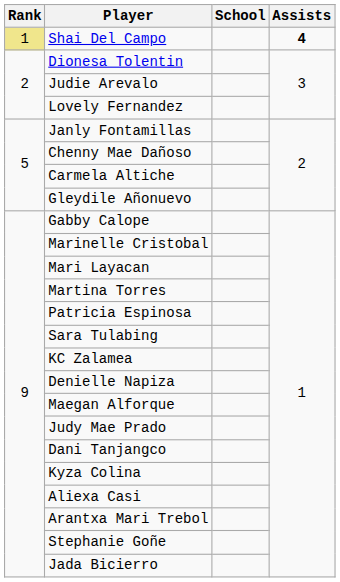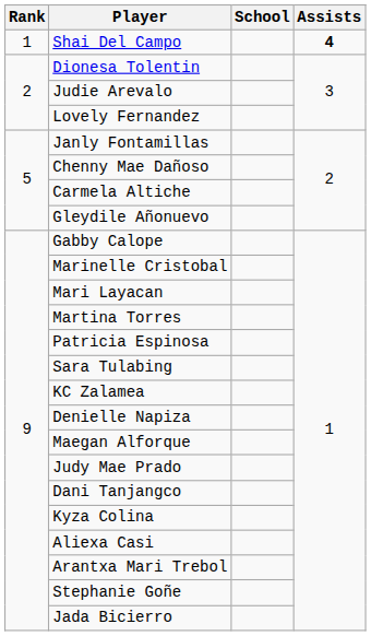 <table class="wikitable" style="text-align:center">
 <tr>
 <th>Rank</th>
 <th>Player</th>
 <th>School</th>
 <th>Assists</th>
 </tr>
 <tr>
-<td style="background: khaki;">1</td>
+<td>1</td>
 <td align="left"> <a href='#'>Shai Del Campo</a></td>
 <td align="left"></td>
 <td><strong>4</strong></td>
 </tr>
 <tr>
 <td rowspan=3>2</td>
 <td align="left"> <a href='#'>Dionesa Tolentin</a></td>
 <td align="left"></td>
 <td rowspan=3>3</td>
 </tr>
 <tr>
 <td align="left"> Judie Arevalo</td>
 <td align="left"></td>
 </tr>
 <tr>
 <td align=left> Lovely Fernandez</td>
 <td align=left></td>
 </tr>
 <tr>
 <td rowspan=4>5</td>
 <td align="left"> Janly Fontamillas</td>
 <td align="left"></td>
 <td rowspan=4>2</td>
 </tr>
 <tr>
 <td align="left"> Chenny Mae Dañoso</td>
 <td align="left"></td>
 </tr>
 <tr>
 <td align=left> Carmela Altiche</td>
 <td align="left"></td>
 </tr>
 <tr>
 <td align=left> Gleydile Añonuevo</td>
 <td align=left></td>
 </tr>
 <tr>
 <td rowspan=16>9</td>
 <td align="left"> Gabby Calope</td>
 <td align="left"></td>
 <td rowspan=16>1</td>
 </tr>
 <tr>
 <td align="left"> Marinelle Cristobal</td>
 <td align="left"></td>
 </tr>
 <tr>
 <td align="left"> Mari Layacan</td>
 <td align="left"></td>
 </tr>
 <tr>
 <td align="left"> Martina Torres</td>
 <td align="left"></td>
 </tr>
 <tr>
 <td align="left"> Patricia Espinosa</td>
 <td align="left"></td>
 </tr>
 <tr>
 <td align="left"> Sara Tulabing</td>
 <td align="left"></td>
 </tr>
 <tr>
 <td align="left"> KC Zalamea</td>
 <td align="left"></td>
 </tr>
 <tr>
 <td align="left"> Denielle Napiza</td>
 <td align="left"></td>
 </tr>
 <tr>
 <td align="left"> Maegan Alforque</td>
 <td align="left"></td>
 </tr>
 <tr>
 <td align=left> Judy Mae Prado</td>
 <td align=left></td>
 </tr>
 <tr>
 <td align="left"> Dani Tanjangco</td>
 <td align="left"></td>
 </tr>
 <tr>
 <td align="left"> Kyza Colina</td>
 <td align="left"></td>
 </tr>
 <tr>
 <td align=left> Aliexa Casi</td>
 <td align="left"></td>
 </tr>
 <tr>
 <td align="left"> Arantxa Mari Trebol</td>
 <td align="left"></td>
 </tr>
 <tr>
 <td align=left> Stephanie Goñe</td>
 <td align="left"></td>
 </tr>
 <tr>
 <td align=left> Jada Bicierro</td>
 <td align="left"><br></td>
 </tr>
 </table>
